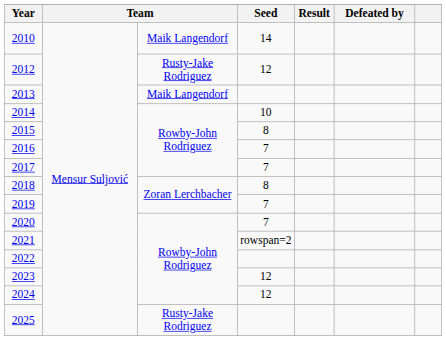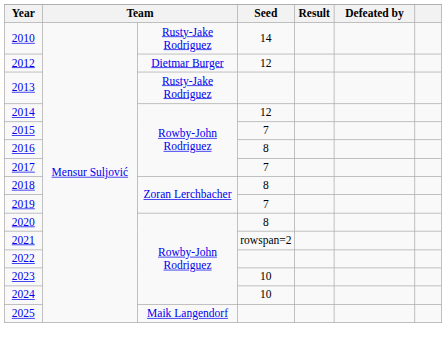 <table class="wikitable" style="text-align: center;">
 <tr style= "background: #e2e2e2;">
 </tr>
 <tr style="background: #efefef;">
 <th width=50px>Year</th>
 <th colspan="2">Team</th>
 <th width=50px>Seed</th>
 <th width=50px>Result</th>
 <th width=120px>Defeated by</th>
 <th width=40px></th>
 </tr>
 <tr>
 <td><a href='#'>2010</a></td>
 <td rowspan=15 width=150px><a href='#'>Mensur Suljović</a></td>
-<td width=150px><a href='#'>Maik Langendorf</a></td>
+<td><a href='#'>Rusty-Jake Rodriguez</a></td>
 <td>14</td>
 <td></td>
 <td> <br> <br> </td>
 <td></td>
 </tr>
 <tr>
 <td><a href='#'>2012</a></td>
-<td><a href='#'>Rusty-Jake Rodriguez</a></td>
+<td><a href='#'>Dietmar Burger</a></td>
 <td>12</td>
 <td></td>
 <td> </td>
 <td></td>
 </tr>
 <tr>
 <td><a href='#'>2013</a></td>
-<td><a href='#'>Maik Langendorf</a></td>
+<td><a href='#'>Rusty-Jake Rodriguez</a></td>
 <td></td>
 <td></td>
 <td> <br> </td>
 <td></td>
 </tr>
 <tr>
 <td><a href='#'>2014</a></td>
 <td rowspan=4><a href='#'>Rowby-John Rodriguez</a></td>
-<td>10</td>
+<td>12</td>
 <td></td>
 <td> </td>
 <td></td>
 </tr>
 <tr>
 <td><a href='#'>2015</a></td>
-<td>8</td>
+<td>7</td>
 <td></td>
 <td> </td>
 <td></td>
 </tr>
 <tr>
 <td><a href='#'>2016</a></td>
-<td>7</td>
+<td>8</td>
 <td></td>
 <td> </td>
 <td></td>
 </tr>
 <tr>
 <td><a href='#'>2017</a></td>
 <td>7</td>
 <td></td>
 <td> </td>
 <td></td>
 </tr>
 <tr>
 <td><a href='#'>2018</a></td>
 <td rowspan=2><a href='#'>Zoran Lerchbacher</a></td>
 <td>8</td>
 <td></td>
 <td> </td>
 <td></td>
 </tr>
 <tr>
 <td><a href='#'>2019</a></td>
 <td>7</td>
 <td></td>
 <td> </td>
 <td></td>
 </tr>
 <tr>
 <td><a href='#'>2020</a></td>
 <td rowspan=5><a href='#'>Rowby-John Rodriguez</a></td>
-<td>7</td>
+<td>8</td>
 <td></td>
 <td> </td>
 <td></td>
 </tr>
 <tr>
 <td><a href='#'>2021</a></td>
 <td>rowspan=2 </td>
 <td></td>
 <td> </td>
 <td></td>
 </tr>
 <tr>
 <td><a href='#'>2022</a></td>
 <td></td>
 <td> </td>
 <td></td>
 </tr>
 <tr>
 <td><a href='#'>2023</a></td>
-<td>12</td>
+<td>10</td>
 <td></td>
 <td> </td>
 <td></td>
 </tr>
 <tr>
 <td><a href='#'>2024</a></td>
-<td>12</td>
+<td>10</td>
 <td></td>
 <td> </td>
 <td></td>
 </tr>
 <tr>
 <td><a href='#'>2025</a></td>
-<td><a href='#'>Rusty-Jake Rodriguez</a></td>
+<td width=150px><a href='#'>Maik Langendorf</a></td>
 <td></td>
 <td></td>
 <td></td>
 <td></td>
 </tr>
 </table>
